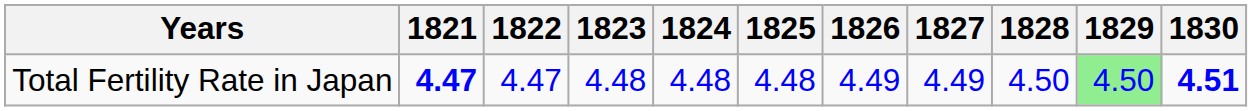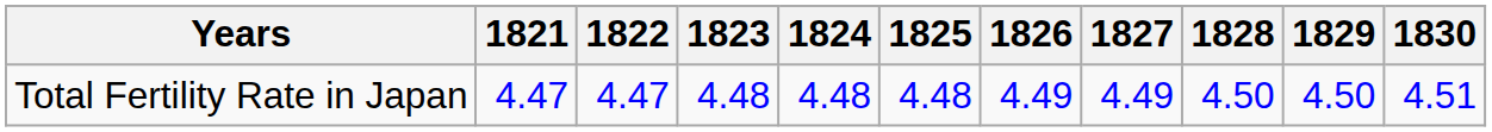 <table class="wikitable " style="text-align:right">
 <tr>
 <th>Years</th>
 <th>1821</th>
 <th>1822</th>
 <th>1823</th>
 <th>1824</th>
 <th>1825</th>
 <th>1826</th>
 <th>1827</th>
 <th>1828</th>
 <th>1829</th>
 <th>1830</th>
 </tr>
 <tr>
 <td align="left">Total Fertility Rate in Japan</td>
-<td style="text-align:right; color:blue;"><strong>4.47</strong></td>
+<td style="text-align:right; color:blue;">4.47</td>
 <td style="text-align:right; color:blue;">4.47</td>
 <td style="text-align:right; color:blue;">4.48</td>
 <td style="text-align:right; color:blue;">4.48</td>
 <td style="text-align:right; color:blue;">4.48</td>
 <td style="text-align:right; color:blue;">4.49</td>
 <td style="text-align:right; color:blue;">4.49</td>
 <td style="text-align:right; color:blue;">4.50</td>
-<td style="background: lightgreen; text-align:right; color:blue;">4.50</td>
-<td style="text-align:right; color:blue;"><strong>4.51</strong></td>
+<td style="text-align:right; color:blue;">4.50</td>
+<td style="text-align:right; color:blue;">4.51</td>
 </tr>
 </table>
